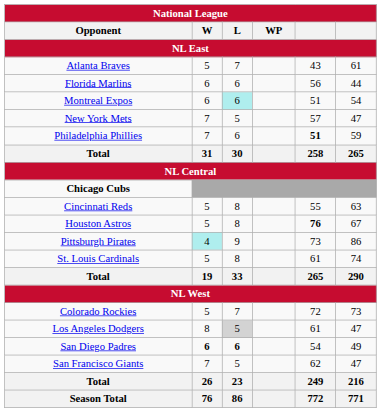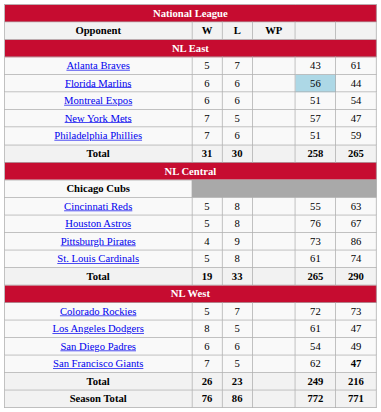 <table class="wikitable" style="font-size:95%; text-align:center; width:35em;margin: 0.5em auto;">
 <tr>
 <th colspan="7" style="background:#c60c30; color:#ffffff;">National League</th>
 </tr>
 <tr>
 <th>Opponent</th>
 <th>W</th>
 <th>L</th>
 <th>WP</th>
 <th></th>
 <th></th>
 </tr>
 <tr>
 <th colspan="7" style="background:#c60c30; color:#ffffff;">NL East</th>
 </tr>
 <tr>
 <td><a href='#'>Atlanta Braves</a></td>
 <td>5</td>
 <td>7</td>
 <td></td>
 <td>43</td>
 <td>61</td>
 </tr>
 <tr>
 <td><a href='#'>Florida Marlins</a></td>
 <td>6</td>
 <td>6</td>
 <td></td>
-<td>56</td>
+<td style="background: lightblue;">56</td>
 <td>44</td>
 </tr>
 <tr>
 <td><a href='#'>Montreal Expos</a></td>
 <td>6</td>
-<td style="background: paleturquoise;">6</td>
+<td>6</td>
 <td></td>
 <td>51</td>
 <td>54</td>
 </tr>
 <tr>
 <td><a href='#'>New York Mets</a></td>
 <td>7</td>
 <td>5</td>
 <td></td>
 <td>57</td>
 <td>47</td>
 </tr>
 <tr>
 <td><a href='#'>Philadelphia Phillies</a></td>
 <td>7</td>
 <td>6</td>
 <td></td>
-<td><strong>51</strong></td>
+<td>51</td>
 <td>59</td>
 </tr>
 <tr>
 <th>Total</th>
 <th>31</th>
 <th>30</th>
 <th></th>
 <th>258</th>
 <th>265</th>
 </tr>
 <tr>
 <th colspan="7" style="background:#c60c30; color:#ffffff;">NL Central</th>
 </tr>
 <tr>
 <td><strong>Chicago Cubs</strong></td>
 <td colspan=5 style="background:darkgray;"></td>
 </tr>
 <tr>
 <td><a href='#'>Cincinnati Reds</a></td>
 <td>5</td>
 <td>8</td>
 <td></td>
 <td>55</td>
 <td>63</td>
 </tr>
 <tr>
 <td><a href='#'>Houston Astros</a></td>
 <td>5</td>
 <td>8</td>
 <td></td>
-<td><strong>76</strong></td>
+<td>76</td>
 <td>67</td>
 </tr>
 <tr>
 <td><a href='#'>Pittsburgh Pirates</a></td>
-<td style="background: paleturquoise;">4</td>
+<td>4</td>
 <td>9</td>
 <td></td>
 <td>73</td>
 <td>86</td>
 </tr>
 <tr>
 <td><a href='#'>St. Louis Cardinals</a></td>
 <td>5</td>
 <td>8</td>
 <td></td>
 <td>61</td>
 <td>74</td>
 </tr>
 <tr>
 <th>Total</th>
 <th>19</th>
 <th>33</th>
 <th></th>
 <th>265</th>
 <th>290</th>
 </tr>
 <tr>
 <th colspan="7" style="background:#c60c30; color:#ffffff;">NL West</th>
 </tr>
 <tr>
 <td><a href='#'>Colorado Rockies</a></td>
 <td>5</td>
 <td>7</td>
 <td></td>
 <td>72</td>
 <td>73</td>
 </tr>
 <tr>
 <td><a href='#'>Los Angeles Dodgers</a></td>
 <td>8</td>
-<td style="background: lightgrey;">5</td>
+<td>5</td>
 <td></td>
 <td>61</td>
 <td>47</td>
 </tr>
 <tr>
 <td><a href='#'>San Diego Padres</a></td>
-<td><strong>6</strong></td>
-<td><strong>6</strong></td>
+<td>6</td>
+<td>6</td>
 <td></td>
 <td>54</td>
 <td>49</td>
 </tr>
 <tr>
 <td><a href='#'>San Francisco Giants</a></td>
 <td>7</td>
 <td>5</td>
 <td></td>
 <td>62</td>
-<td>47</td>
+<td><strong>47</strong></td>
 </tr>
 <tr>
 <th>Total</th>
 <th>26</th>
 <th>23</th>
 <th></th>
 <th>249</th>
 <th>216</th>
 </tr>
 <tr>
 <th>Season Total</th>
 <th>76</th>
 <th>86</th>
 <th></th>
 <th>772</th>
 <th>771</th>
 </tr>
 </table>
